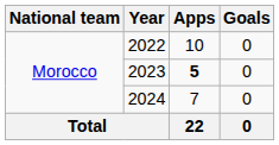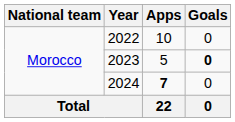 <table class="wikitable" style="text-align:center">
 <tr>
 <th>National team</th>
 <th>Year</th>
 <th>Apps</th>
 <th>Goals</th>
 </tr>
 <tr>
 <td rowspan="3"><a href='#'>Morocco</a></td>
 <td>2022</td>
 <td>10</td>
 <td>0</td>
 </tr>
 <tr>
 <td>2023</td>
-<td><strong>5</strong></td>
-<td>0</td>
+<td>5</td>
+<td><strong>0</strong></td>
 </tr>
 <tr>
 <td>2024</td>
-<td>7</td>
+<td><strong>7</strong></td>
 <td>0</td>
 </tr>
 <tr>
 <th colspan="2">Total</th>
 <th>22</th>
 <th>0</th>
 </tr>
 </table>
